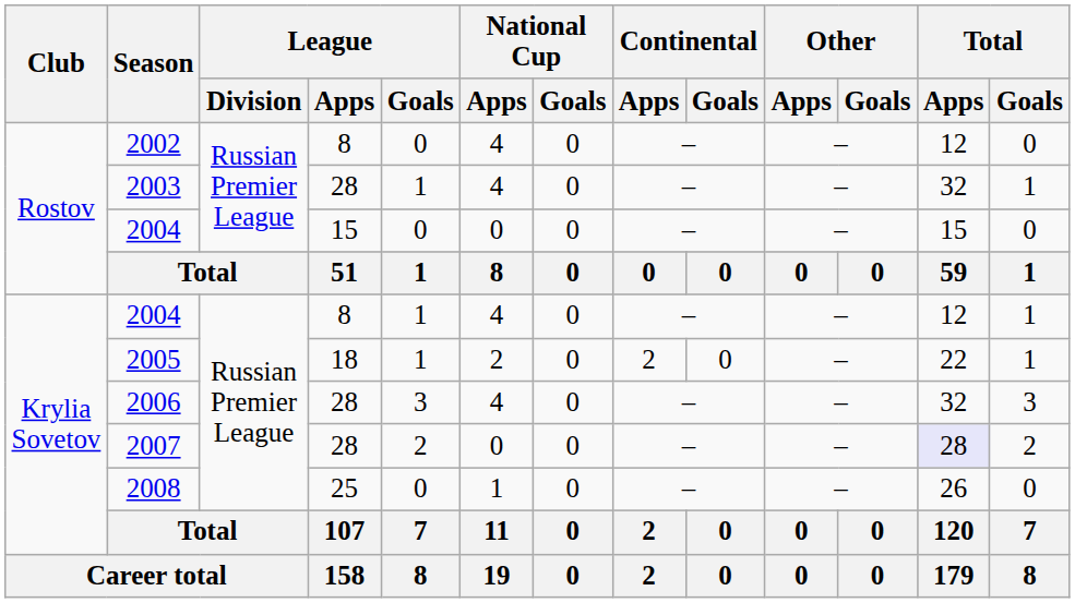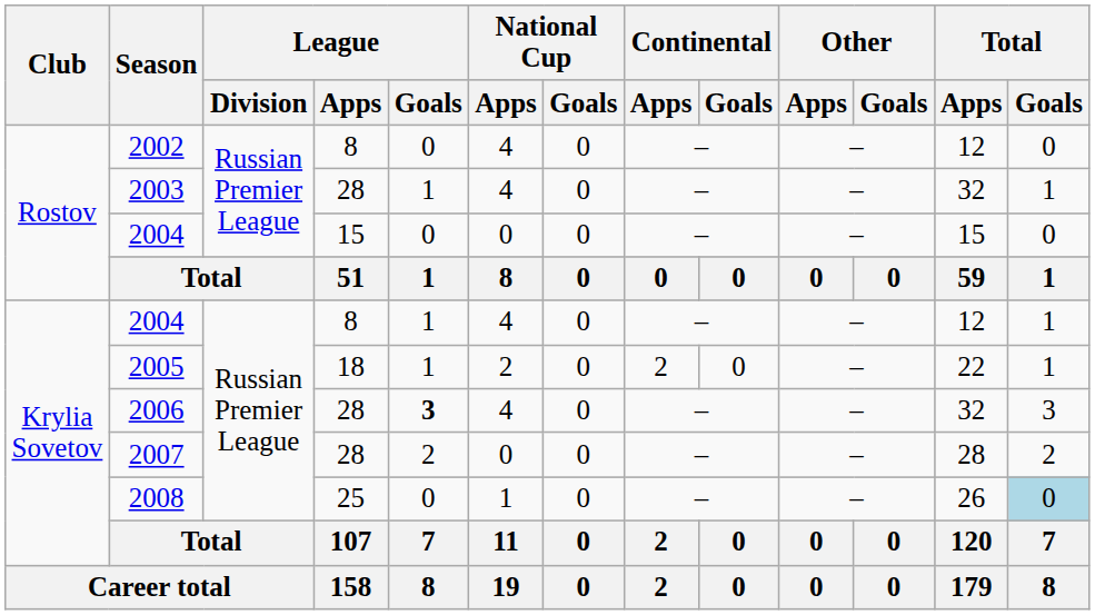 <table class="wikitable" style="text-align:center">
 <tr>
 <th rowspan="2">Club</th>
 <th rowspan="2">Season</th>
 <th colspan="3">League</th>
 <th colspan="2">National Cup</th>
 <th colspan="2">Continental</th>
 <th colspan="2">Other</th>
 <th colspan="2">Total</th>
 </tr>
 <tr>
 <th>Division</th>
 <th>Apps</th>
 <th>Goals</th>
 <th>Apps</th>
 <th>Goals</th>
 <th>Apps</th>
 <th>Goals</th>
 <th>Apps</th>
 <th>Goals</th>
 <th>Apps</th>
 <th>Goals</th>
 </tr>
 <tr>
 <td rowspan="4"><a href='#'>Rostov</a></td>
 <td><a href='#'>2002</a></td>
 <td rowspan="3"><a href='#'>Russian Premier League</a></td>
 <td>8</td>
 <td>0</td>
 <td>4</td>
 <td>0</td>
 <td colspan="2">–</td>
 <td colspan="2">–</td>
 <td>12</td>
 <td>0</td>
 </tr>
 <tr>
 <td><a href='#'>2003</a></td>
 <td>28</td>
 <td>1</td>
 <td>4</td>
 <td>0</td>
 <td colspan="2">–</td>
 <td colspan="2">–</td>
 <td>32</td>
 <td>1</td>
 </tr>
 <tr>
 <td><a href='#'>2004</a></td>
 <td>15</td>
 <td>0</td>
 <td>0</td>
 <td>0</td>
 <td colspan="2">–</td>
 <td colspan="2">–</td>
 <td>15</td>
 <td>0</td>
 </tr>
 <tr>
 <th colspan="2">Total</th>
 <th>51</th>
 <th>1</th>
 <th>8</th>
 <th>0</th>
 <th>0</th>
 <th>0</th>
 <th>0</th>
 <th>0</th>
 <th>59</th>
 <th>1</th>
 </tr>
 <tr>
 <td rowspan="6"><a href='#'>Krylia Sovetov</a></td>
 <td><a href='#'>2004</a></td>
 <td rowspan="5">Russian Premier League</td>
 <td>8</td>
 <td>1</td>
 <td>4</td>
 <td>0</td>
 <td colspan="2">–</td>
 <td colspan="2">–</td>
 <td>12</td>
 <td>1</td>
 </tr>
 <tr>
 <td><a href='#'>2005</a></td>
 <td>18</td>
 <td>1</td>
 <td>2</td>
 <td>0</td>
 <td>2</td>
 <td>0</td>
 <td colspan="2">–</td>
 <td>22</td>
 <td>1</td>
 </tr>
 <tr>
 <td><a href='#'>2006</a></td>
 <td>28</td>
-<td>3</td>
+<td><strong>3</strong></td>
 <td>4</td>
 <td>0</td>
 <td colspan="2">–</td>
 <td colspan="2">–</td>
 <td>32</td>
 <td>3</td>
 </tr>
 <tr>
 <td><a href='#'>2007</a></td>
 <td>28</td>
 <td>2</td>
 <td>0</td>
 <td>0</td>
 <td colspan="2">–</td>
 <td colspan="2">–</td>
-<td style="background: lavender;">28</td>
+<td>28</td>
 <td>2</td>
 </tr>
 <tr>
 <td><a href='#'>2008</a></td>
 <td>25</td>
 <td>0</td>
 <td>1</td>
 <td>0</td>
 <td colspan="2">–</td>
 <td colspan="2">–</td>
 <td>26</td>
-<td>0</td>
+<td style="background: lightblue;">0</td>
 </tr>
 <tr>
 <th colspan="2">Total</th>
 <th>107</th>
 <th>7</th>
 <th>11</th>
 <th>0</th>
 <th>2</th>
 <th>0</th>
 <th>0</th>
 <th>0</th>
 <th>120</th>
 <th>7</th>
 </tr>
 <tr>
 <th colspan="3">Career total</th>
 <th>158</th>
 <th>8</th>
 <th>19</th>
 <th>0</th>
 <th>2</th>
 <th>0</th>
 <th>0</th>
 <th>0</th>
 <th>179</th>
 <th>8</th>
 </tr>
 </table>
